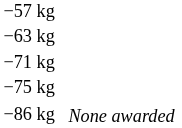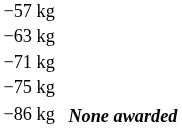 <table>
 <tr>
 <td rowspan=2>−57 kg</td>
 <td rowspan=2></td>
 <td rowspan=2></td>
 <td></td>
 </tr>
 <tr>
 <td></td>
 </tr>
 <tr>
 <td rowspan=2>−63 kg</td>
 <td rowspan=2></td>
 <td rowspan=2></td>
 <td></td>
 </tr>
 <tr>
 <td></td>
 </tr>
 <tr>
 <td rowspan=2>−71 kg</td>
 <td rowspan=2></td>
 <td rowspan=2></td>
 <td></td>
 </tr>
 <tr>
 <td></td>
 </tr>
 <tr>
 <td rowspan=2>−75 kg</td>
 <td rowspan=2></td>
 <td rowspan=2></td>
 <td></td>
 </tr>
 <tr>
 <td></td>
 </tr>
 <tr>
 <td rowspan=2>−86 kg</td>
 <td rowspan=2></td>
 <td rowspan=2></td>
 <td></td>
 </tr>
 <tr>
-<td><em>None awarded</em></td>
+<td><strong><em>None awarded</em></strong></td>
 </tr>
 </table>
